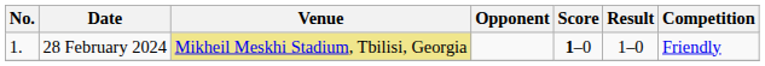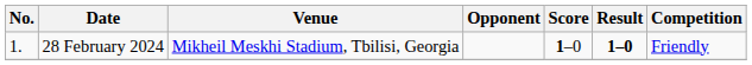 <table class="wikitable">
 <tr>
 <th>No.</th>
 <th>Date</th>
 <th>Venue</th>
 <th>Opponent</th>
 <th>Score</th>
 <th>Result</th>
 <th>Competition</th>
 </tr>
 <tr>
 <td>1.</td>
 <td>28 February 2024</td>
-<td style="background: khaki;"><a href='#'>Mikheil Meskhi Stadium</a>, Tbilisi, Georgia</td>
+<td><a href='#'>Mikheil Meskhi Stadium</a>, Tbilisi, Georgia</td>
 <td></td>
 <td align=center><strong>1</strong>–0</td>
-<td align=center>1–0</td>
+<td align=center><strong>1–0</strong></td>
 <td><a href='#'>Friendly</a></td>
 </tr>
 <tr>
 </tr>
 </table>
